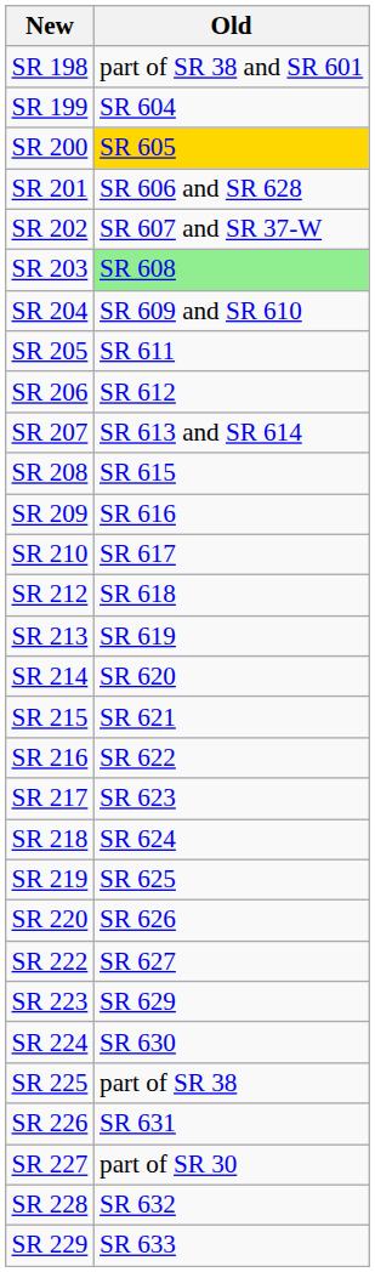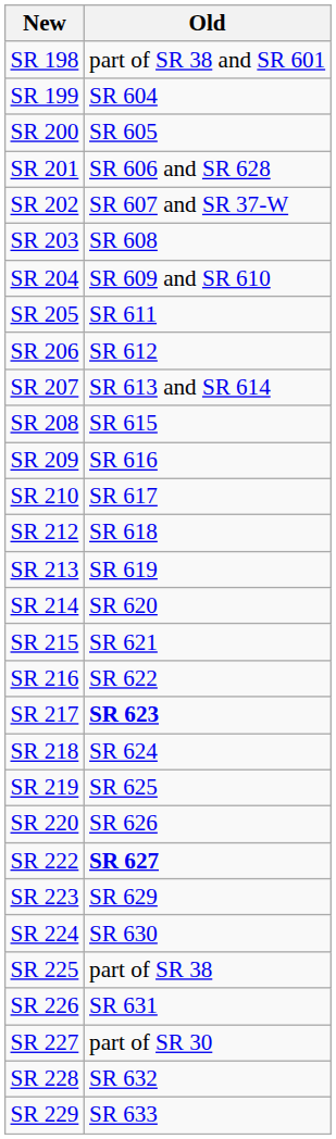 <table class=wikitable>
 <tr>
 <th>New</th>
 <th>Old</th>
 </tr>
 <tr>
 <td><a href='#'>SR 198</a></td>
 <td>part of <a href='#'>SR 38</a> and <a href='#'>SR 601</a></td>
 </tr>
 <tr>
 <td><a href='#'>SR 199</a></td>
 <td><a href='#'>SR 604</a></td>
 </tr>
 <tr>
 <td><a href='#'>SR 200</a></td>
-<td style="background: gold;"><a href='#'>SR 605</a></td>
+<td><a href='#'>SR 605</a></td>
 </tr>
 <tr>
 <td><a href='#'>SR 201</a></td>
 <td><a href='#'>SR 606</a> and <a href='#'>SR 628</a></td>
 </tr>
 <tr>
 <td><a href='#'>SR 202</a></td>
 <td><a href='#'>SR 607</a> and <a href='#'>SR 37-W</a></td>
 </tr>
 <tr>
 <td><a href='#'>SR 203</a></td>
-<td style="background: lightgreen;"><a href='#'>SR 608</a></td>
+<td><a href='#'>SR 608</a></td>
 </tr>
 <tr>
 <td><a href='#'>SR 204</a></td>
 <td><a href='#'>SR 609</a> and <a href='#'>SR 610</a></td>
 </tr>
 <tr>
 <td><a href='#'>SR 205</a></td>
 <td><a href='#'>SR 611</a></td>
 </tr>
 <tr>
 <td><a href='#'>SR 206</a></td>
 <td><a href='#'>SR 612</a></td>
 </tr>
 <tr>
 <td><a href='#'>SR 207</a></td>
 <td><a href='#'>SR 613</a> and <a href='#'>SR 614</a></td>
 </tr>
 <tr>
 <td><a href='#'>SR 208</a></td>
 <td><a href='#'>SR 615</a></td>
 </tr>
 <tr>
 <td><a href='#'>SR 209</a></td>
 <td><a href='#'>SR 616</a></td>
 </tr>
 <tr>
 <td><a href='#'>SR 210</a></td>
 <td><a href='#'>SR 617</a></td>
 </tr>
 <tr>
 <td><a href='#'>SR 212</a></td>
 <td><a href='#'>SR 618</a></td>
 </tr>
 <tr>
 <td><a href='#'>SR 213</a></td>
 <td><a href='#'>SR 619</a></td>
 </tr>
 <tr>
 <td><a href='#'>SR 214</a></td>
 <td><a href='#'>SR 620</a></td>
 </tr>
 <tr>
 <td><a href='#'>SR 215</a></td>
 <td><a href='#'>SR 621</a></td>
 </tr>
 <tr>
 <td><a href='#'>SR 216</a></td>
 <td><a href='#'>SR 622</a></td>
 </tr>
 <tr>
 <td><a href='#'>SR 217</a></td>
-<td><a href='#'>SR 623</a></td>
+<td><strong><a href='#'>SR 623</a></strong></td>
 </tr>
 <tr>
 <td><a href='#'>SR 218</a></td>
 <td><a href='#'>SR 624</a></td>
 </tr>
 <tr>
 <td><a href='#'>SR 219</a></td>
 <td><a href='#'>SR 625</a></td>
 </tr>
 <tr>
 <td><a href='#'>SR 220</a></td>
 <td><a href='#'>SR 626</a></td>
 </tr>
 <tr>
 <td><a href='#'>SR 222</a></td>
-<td><a href='#'>SR 627</a></td>
+<td><strong><a href='#'>SR 627</a></strong></td>
 </tr>
 <tr>
 <td><a href='#'>SR 223</a></td>
 <td><a href='#'>SR 629</a></td>
 </tr>
 <tr>
 <td><a href='#'>SR 224</a></td>
 <td><a href='#'>SR 630</a></td>
 </tr>
 <tr>
 <td><a href='#'>SR 225</a></td>
 <td>part of <a href='#'>SR 38</a></td>
 </tr>
 <tr>
 <td><a href='#'>SR 226</a></td>
 <td><a href='#'>SR 631</a></td>
 </tr>
 <tr>
 <td><a href='#'>SR 227</a></td>
 <td>part of <a href='#'>SR 30</a></td>
 </tr>
 <tr>
 <td><a href='#'>SR 228</a></td>
 <td><a href='#'>SR 632</a></td>
 </tr>
 <tr>
 <td><a href='#'>SR 229</a></td>
 <td><a href='#'>SR 633</a></td>
 </tr>
 </table>
